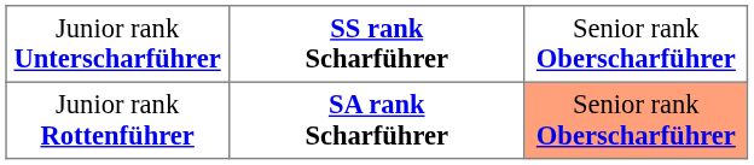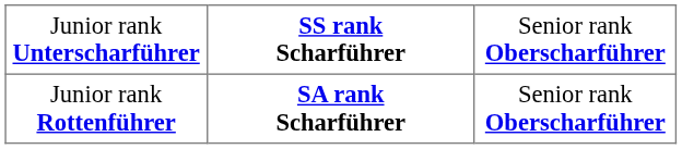 <table class="toccolours" border="1" cellpadding="4" cellspacing="0" style="border-collapse: collapse; margin: 0.5em auto; clear: both;">
 <tr>
 <td width="30%" align="center">Junior rank<br><strong><a href='#'>Unterscharführer</a></strong></td>
 <td width="40%" align="center"><strong><a href='#'>SS rank</a></strong><br><strong>Scharführer</strong></td>
 <td width="30%" align="center">Senior rank<br><strong><a href='#'>Oberscharführer</a></strong></td>
 </tr>
 <tr>
 <td width="30%" align="center">Junior rank<br><strong><a href='#'>Rottenführer</a></strong></td>
 <td width="40%" align="center"><strong><a href='#'>SA rank</a></strong><br><strong>Scharführer</strong></td>
-<td width="30%" align="center" style="background: lightsalmon;">Senior rank<br><strong><a href='#'>Oberscharführer</a></strong></td>
+<td width="30%" align="center">Senior rank<br><strong><a href='#'>Oberscharführer</a></strong></td>
 </tr>
 </table>
